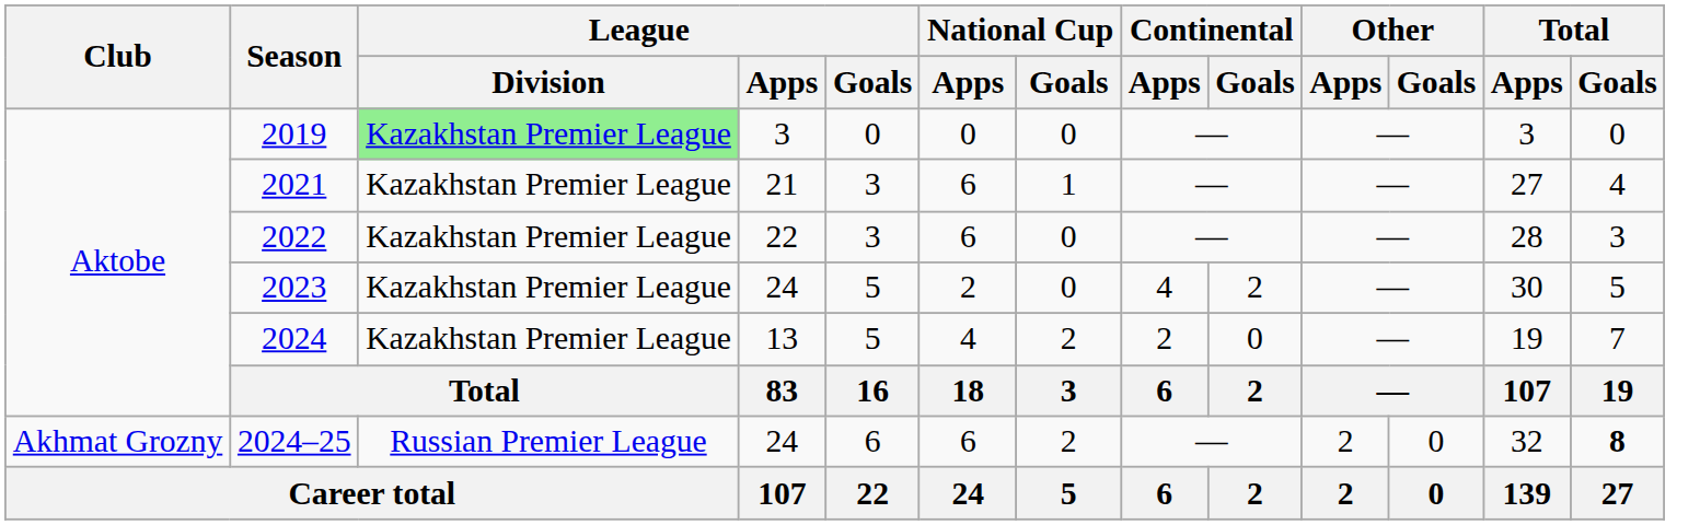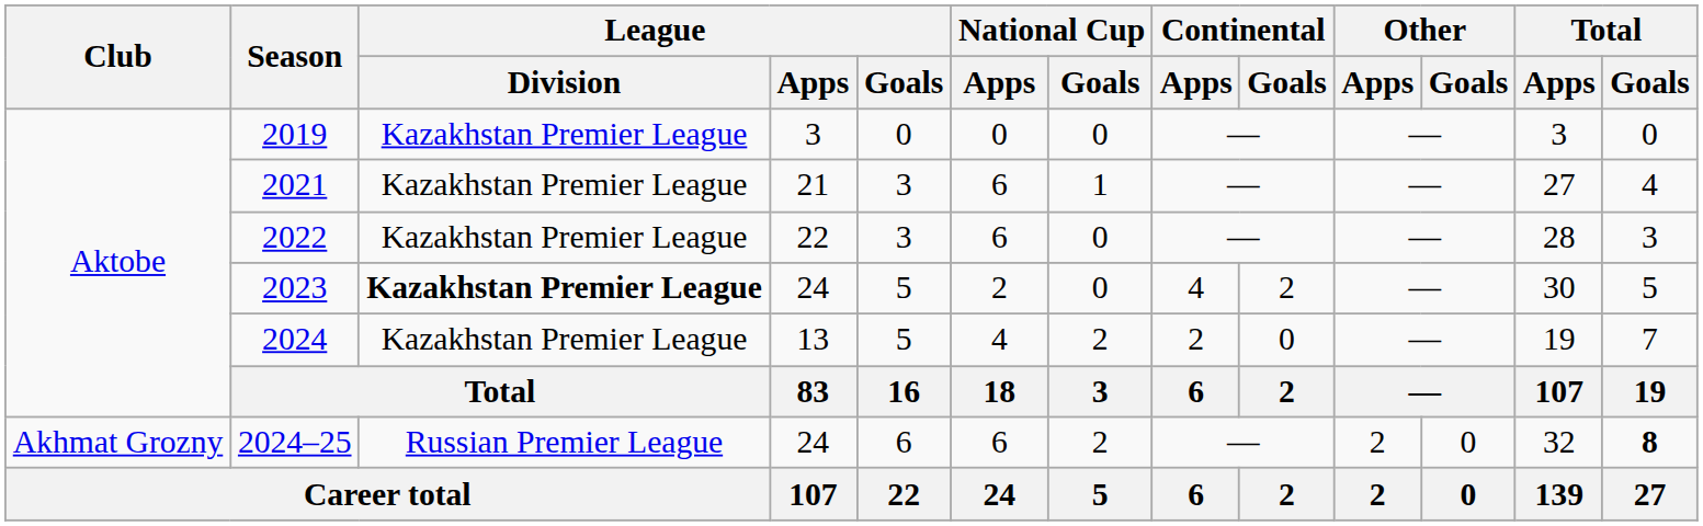 <table class="wikitable" style="text-align: center;">
 <tr>
 <th rowspan="2">Club</th>
 <th rowspan="2">Season</th>
 <th colspan="3">League</th>
 <th colspan="2">National Cup</th>
 <th colspan="2">Continental</th>
 <th colspan="2">Other</th>
 <th colspan="2">Total</th>
 </tr>
 <tr>
 <th>Division</th>
 <th>Apps</th>
 <th>Goals</th>
 <th>Apps</th>
 <th>Goals</th>
 <th>Apps</th>
 <th>Goals</th>
 <th>Apps</th>
 <th>Goals</th>
 <th>Apps</th>
 <th>Goals</th>
 </tr>
 <tr>
 <td rowspan="6"><a href='#'>Aktobe</a></td>
 <td><a href='#'>2019</a></td>
-<td style="background: lightgreen;"><a href='#'>Kazakhstan Premier League</a></td>
+<td><a href='#'>Kazakhstan Premier League</a></td>
 <td>3</td>
 <td>0</td>
 <td>0</td>
 <td>0</td>
 <td colspan="2">—</td>
 <td colspan="2">—</td>
 <td>3</td>
 <td>0</td>
 </tr>
 <tr>
 <td><a href='#'>2021</a></td>
 <td>Kazakhstan Premier League</td>
 <td>21</td>
 <td>3</td>
 <td>6</td>
 <td>1</td>
 <td colspan="2">—</td>
 <td colspan="2">—</td>
 <td>27</td>
 <td>4</td>
 </tr>
 <tr>
 <td><a href='#'>2022</a></td>
 <td>Kazakhstan Premier League</td>
 <td>22</td>
 <td>3</td>
 <td>6</td>
 <td>0</td>
 <td colspan="2">—</td>
 <td colspan="2">—</td>
 <td>28</td>
 <td>3</td>
 </tr>
 <tr>
 <td><a href='#'>2023</a></td>
-<td>Kazakhstan Premier League</td>
+<td><strong>Kazakhstan Premier League</strong></td>
 <td>24</td>
 <td>5</td>
 <td>2</td>
 <td>0</td>
 <td>4</td>
 <td>2</td>
 <td colspan="2">—</td>
 <td>30</td>
 <td>5</td>
 </tr>
 <tr>
 <td><a href='#'>2024</a></td>
 <td>Kazakhstan Premier League</td>
 <td>13</td>
 <td>5</td>
 <td>4</td>
 <td>2</td>
 <td>2</td>
 <td>0</td>
 <td colspan="2">—</td>
 <td>19</td>
 <td>7</td>
 </tr>
 <tr>
 <th colspan="2">Total</th>
 <th>83</th>
 <th>16</th>
 <th>18</th>
 <th>3</th>
 <th>6</th>
 <th>2</th>
 <th colspan="2">—</th>
 <th>107</th>
 <th>19</th>
 </tr>
 <tr>
 <td><a href='#'>Akhmat Grozny</a></td>
 <td><a href='#'>2024–25</a></td>
 <td><a href='#'>Russian Premier League</a></td>
 <td>24</td>
 <td>6</td>
 <td>6</td>
 <td>2</td>
 <td colspan="2">—</td>
 <td>2</td>
 <td>0</td>
 <td>32</td>
 <td><strong>8</strong></td>
 </tr>
 <tr>
 <th colspan="3">Career total</th>
 <th>107</th>
 <th>22</th>
 <th>24</th>
 <th>5</th>
 <th>6</th>
 <th>2</th>
 <th>2</th>
 <th>0</th>
 <th>139</th>
 <th>27</th>
 </tr>
 </table>
